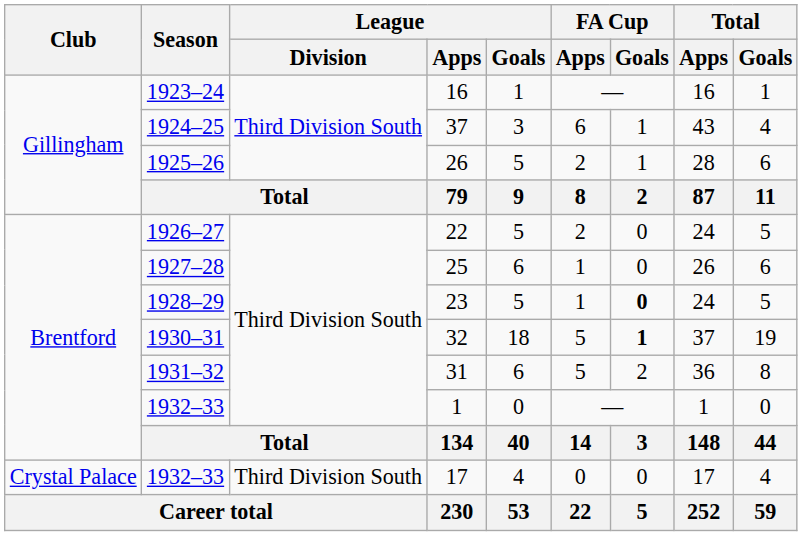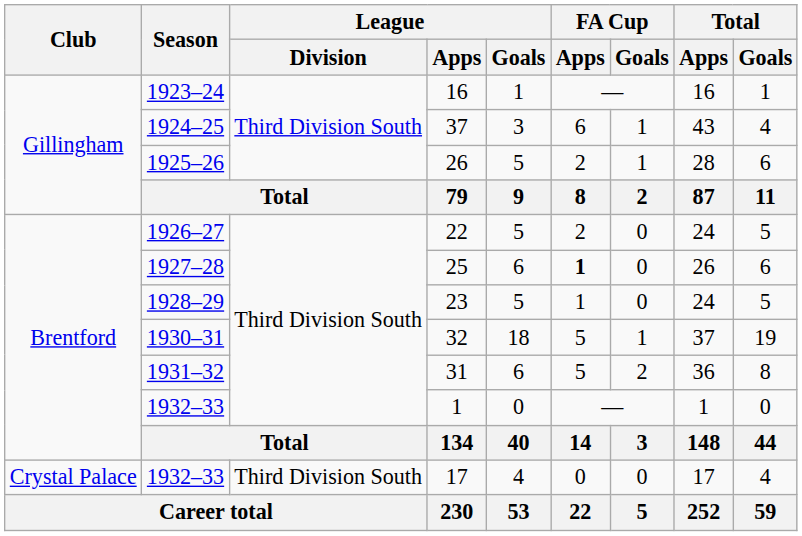 <table class="wikitable" style="text-align: center;">
 <tr>
 <th rowspan="2">Club</th>
 <th rowspan="2">Season</th>
 <th colspan="3">League</th>
 <th colspan="2">FA Cup</th>
 <th colspan="2">Total</th>
 </tr>
 <tr>
 <th>Division</th>
 <th>Apps</th>
 <th>Goals</th>
 <th>Apps</th>
 <th>Goals</th>
 <th>Apps</th>
 <th>Goals</th>
 </tr>
 <tr>
 <td rowspan="4"><a href='#'>Gillingham</a></td>
 <td><a href='#'>1923–24</a></td>
 <td rowspan="3"><a href='#'>Third Division South</a></td>
 <td>16</td>
 <td>1</td>
 <td colspan="2">—</td>
 <td>16</td>
 <td>1</td>
 </tr>
 <tr>
 <td><a href='#'>1924–25</a></td>
 <td>37</td>
 <td>3</td>
 <td>6</td>
 <td>1</td>
 <td>43</td>
 <td>4</td>
 </tr>
 <tr>
 <td><a href='#'>1925–26</a></td>
 <td>26</td>
 <td>5</td>
 <td>2</td>
 <td>1</td>
 <td>28</td>
 <td>6</td>
 </tr>
 <tr>
 <th colspan="2">Total</th>
 <th>79</th>
 <th>9</th>
 <th>8</th>
 <th>2</th>
 <th>87</th>
 <th>11</th>
 </tr>
 <tr>
 <td rowspan="7"><a href='#'>Brentford</a></td>
 <td><a href='#'>1926–27</a></td>
 <td rowspan="6">Third Division South</td>
 <td>22</td>
 <td>5</td>
 <td>2</td>
 <td>0</td>
 <td>24</td>
 <td>5</td>
 </tr>
 <tr>
 <td><a href='#'>1927–28</a></td>
 <td>25</td>
 <td>6</td>
-<td>1</td>
+<td><strong>1</strong></td>
 <td>0</td>
 <td>26</td>
 <td>6</td>
 </tr>
 <tr>
 <td><a href='#'>1928–29</a></td>
 <td>23</td>
 <td>5</td>
 <td>1</td>
-<td><strong>0</strong></td>
+<td>0</td>
 <td>24</td>
 <td>5</td>
 </tr>
 <tr>
 <td><a href='#'>1930–31</a></td>
 <td>32</td>
 <td>18</td>
 <td>5</td>
-<td><strong>1</strong></td>
+<td>1</td>
 <td>37</td>
 <td>19</td>
 </tr>
 <tr>
 <td><a href='#'>1931–32</a></td>
 <td>31</td>
 <td>6</td>
 <td>5</td>
 <td>2</td>
 <td>36</td>
 <td>8</td>
 </tr>
 <tr>
 <td><a href='#'>1932–33</a></td>
 <td>1</td>
 <td>0</td>
 <td colspan="2">—</td>
 <td>1</td>
 <td>0</td>
 </tr>
 <tr>
 <th colspan="2">Total</th>
 <th>134</th>
 <th>40</th>
 <th>14</th>
 <th>3</th>
 <th>148</th>
 <th>44</th>
 </tr>
 <tr>
 <td><a href='#'>Crystal Palace</a></td>
 <td><a href='#'>1932–33</a></td>
 <td>Third Division South</td>
 <td>17</td>
 <td>4</td>
 <td>0</td>
 <td>0</td>
 <td>17</td>
 <td>4</td>
 </tr>
 <tr>
 <th colspan="3">Career total</th>
 <th>230</th>
 <th>53</th>
 <th>22</th>
 <th>5</th>
 <th>252</th>
 <th>59</th>
 </tr>
 </table>
